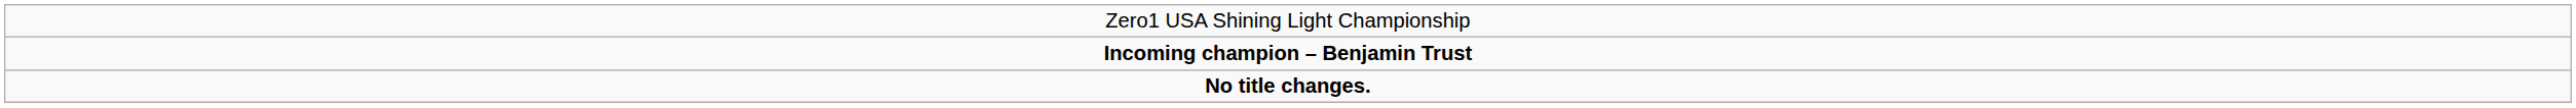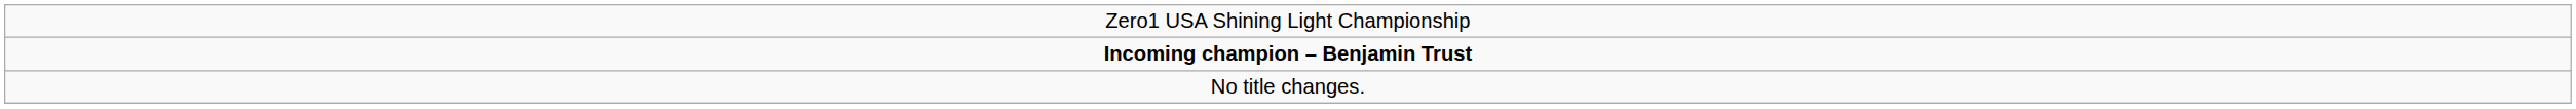 <table class="wikitable" style="text-align:center; width:100%;">
 <tr>
 <td colspan="4" style="text-align: center;">Zero1 USA Shining Light Championship</td>
 </tr>
 <tr>
 <td colspan="4" style="text-align: center;"><strong>Incoming champion – Benjamin Trust</strong></td>
 </tr>
 <tr>
-<td><strong>No title changes.</strong></td>
+<td>No title changes.</td>
 </tr>
 <tr>
 </tr>
 </table>
